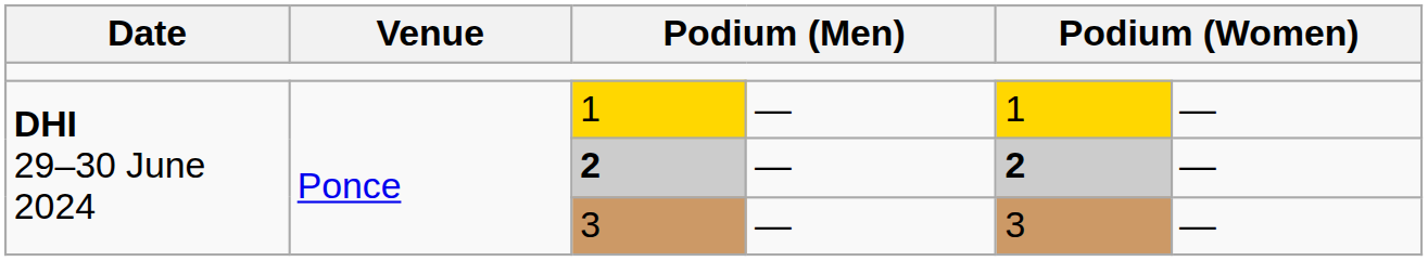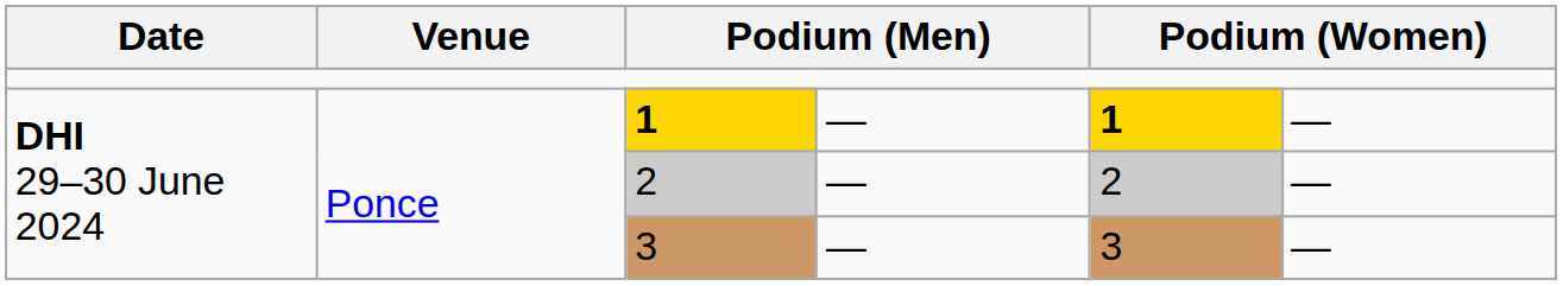 <table class="wikitable" width=70%>
 <tr>
 <th>Date</th>
 <th width=20%>Venue</th>
 <th colspan=2 width=30%>Podium (Men)</th>
 <th colspan=2 width=30%>Podium (Women)</th>
 </tr>
 <tr>
 <td colspan=6></td>
 </tr>
 <tr>
 <td rowspan=3><strong>DHI</strong> <br> 29–30 June 2024</td>
 <td rowspan=3><br><a href='#'>Ponce</a></td>
-<td bgcolor=FFD700>1</td>
+<td bgcolor=FFD700><strong>1</strong></td>
 <td>—</td>
-<td bgcolor=FFD700>1</td>
+<td bgcolor=FFD700><strong>1</strong></td>
 <td>—</td>
 </tr>
 <tr>
-<td bgcolor=CCCCCC><strong>2</strong></td>
+<td bgcolor=CCCCCC>2</td>
 <td>—</td>
-<td bgcolor=CCCCCC><strong>2</strong></td>
+<td bgcolor=CCCCCC>2</td>
 <td>—</td>
 </tr>
 <tr>
 <td bgcolor=CC9966>3</td>
 <td>—</td>
 <td bgcolor=CC9966>3</td>
 <td>—</td>
 </tr>
 </table>
